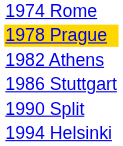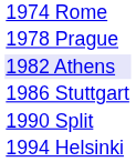 <table>
 <tr>
 <td><a href='#'>1974 Rome</a><br></td>
 <td></td>
 <td></td>
 <td></td>
 </tr>
 <tr>
-<td style="background: gold;"><a href='#'>1978 Prague</a><br></td>
+<td><a href='#'>1978 Prague</a><br></td>
 <td></td>
 <td></td>
 <td></td>
 </tr>
 <tr>
-<td><a href='#'>1982 Athens</a><br></td>
+<td style="background: lavender;"><a href='#'>1982 Athens</a><br></td>
 <td></td>
 <td></td>
 <td></td>
 </tr>
 <tr>
 <td><a href='#'>1986 Stuttgart</a><br></td>
 <td></td>
 <td></td>
 <td></td>
 </tr>
 <tr>
 <td><a href='#'>1990 Split</a><br></td>
 <td></td>
 <td></td>
 <td></td>
 </tr>
 <tr>
 <td><a href='#'>1994 Helsinki</a><br></td>
 <td></td>
 <td></td>
 <td></td>
 </tr>
 </table>
